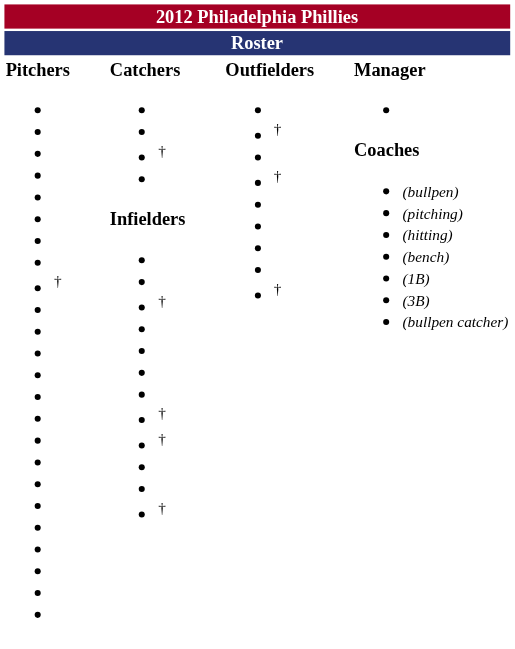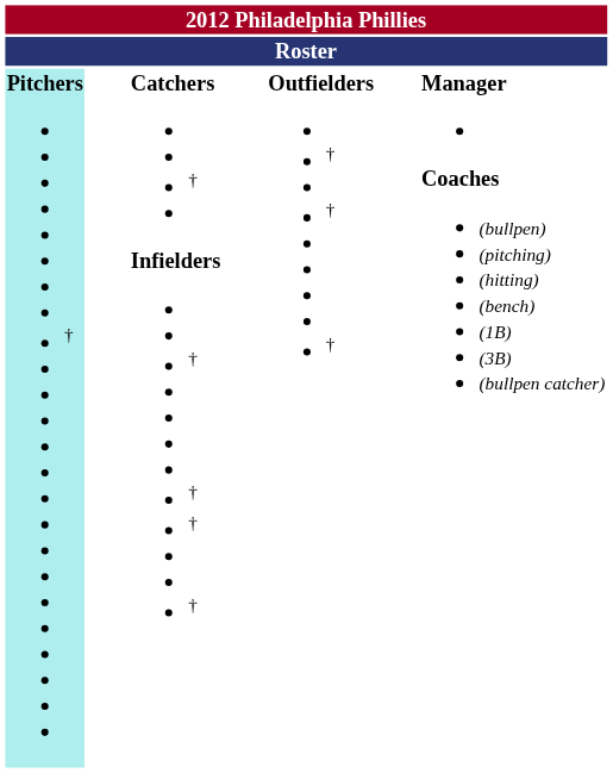 <table class="toccolours" style="font-size: 95%;">
 <tr>
 <th colspan="10" style="background-color: #A50024; color: #FFFFFF; text-align: center;">2012 Philadelphia Phillies</th>
 </tr>
 <tr>
 <td colspan="7" style="background-color: #263473; color: white; text-align: center;"><strong>Roster</strong></td>
 </tr>
 <tr>
-<td valign="top"><strong>Pitchers</strong><br><ul><li></li><li></li><li></li><li></li><li></li><li></li><li></li><li></li><li><sup>†</sup></li><li></li><li></li><li></li><li></li><li></li><li></li><li></li><li></li><li></li><li></li><li></li><li></li><li></li><li></li><li></li></ul></td>
+<td valign="top" style="background: paleturquoise;"><strong>Pitchers</strong><br><ul><li></li><li></li><li></li><li></li><li></li><li></li><li></li><li></li><li><sup>†</sup></li><li></li><li></li><li></li><li></li><li></li><li></li><li></li><li></li><li></li><li></li><li></li><li></li><li></li><li></li><li></li></ul></td>
 <td width="25px"></td>
 <td valign="top"><strong>Catchers</strong><br><ul><li></li><li></li><li><sup>†</sup></li><li></li></ul><strong>Infielders</strong><ul><li></li><li></li><li><sup>†</sup></li><li></li><li></li><li></li><li></li><li><sup>†</sup></li><li><sup>†</sup></li><li></li><li></li><li><sup>†</sup></li></ul></td>
 <td width="25px"></td>
 <td valign="top"><strong>Outfielders</strong><br><ul><li></li><li><sup>†</sup></li><li></li><li><sup>†</sup></li><li></li><li></li><li></li><li></li><li><sup>†</sup></li></ul></td>
 <td width="25px"></td>
 <td valign="top"><strong>Manager</strong><br><ul><li></li></ul><strong>Coaches</strong><ul><li> <small><em>(bullpen)</em></small></li><li> <small><em>(pitching)</em></small></li><li> <small><em>(hitting)</em></small></li><li> <small><em>(bench)</em></small></li><li> <small><em>(1B)</em></small></li><li> <small><em>(3B)</em></small></li><li> <small><em>(bullpen catcher)</em></small></li></ul></td>
 </tr>
 <tr>
 </tr>
 </table>
